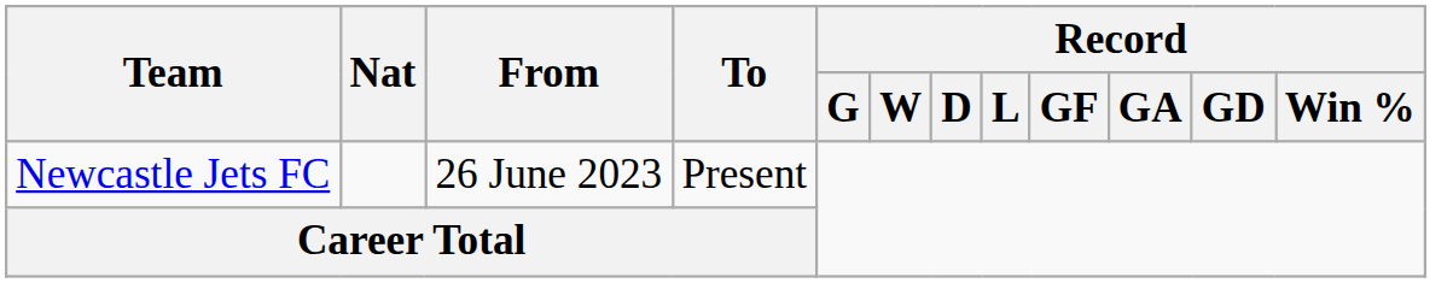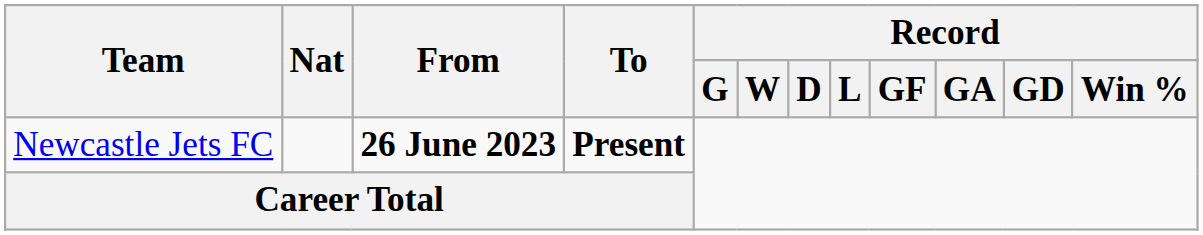 <table class="wikitable" style="text-align: center">
 <tr>
 <th rowspan="2">Team</th>
 <th rowspan="2">Nat</th>
 <th rowspan="2">From</th>
 <th rowspan="2">To</th>
 <th colspan="8">Record</th>
 </tr>
 <tr>
 <th>G</th>
 <th>W</th>
 <th>D</th>
 <th>L</th>
 <th>GF</th>
 <th>GA</th>
 <th>GD</th>
 <th>Win %</th>
 </tr>
 <tr>
 <td align=left><a href='#'>Newcastle Jets FC</a></td>
 <td></td>
-<td align=left>26 June 2023</td>
-<td align=left>Present<br></td>
+<td align=left><strong>26 June 2023</strong></td>
+<td align=left><strong>Present<br></strong></td>
 </tr>
 <tr>
 <th colspan="4">Career Total<br></th>
 </tr>
 </table>
